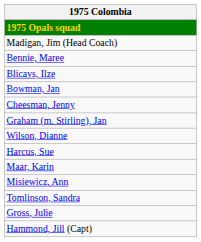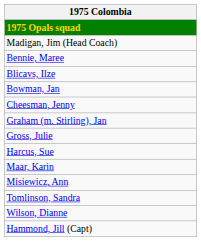 <table class="wikitable collapsible autocollapse" width=25%>
 <tr>
 <th>1975 Colombia</th>
 </tr>
 <tr>
 <td bgcolor=green style="color:gold; width:200px"><strong>1975 Opals squad</strong></td>
 </tr>
 <tr>
 <td>Madigan, Jim  (Head Coach)</td>
 </tr>
 <tr>
 <td><a href='#'>Bennie, Maree</a></td>
 </tr>
 <tr>
 <td><a href='#'>Blicavs, Ilze</a></td>
 </tr>
 <tr>
 <td><a href='#'>Bowman, Jan</a></td>
 </tr>
 <tr>
 <td><a href='#'>Cheesman, Jenny</a></td>
 </tr>
 <tr>
 <td><a href='#'>Graham (m. Stirling), Jan</a></td>
 </tr>
 <tr>
-<td><a href='#'>Wilson, Dianne</a></td>
+<td><a href='#'>Gross, Julie</a></td>
 </tr>
 <tr>
 <td><a href='#'>Harcus, Sue</a></td>
 </tr>
 <tr>
 <td><a href='#'>Maar, Karin</a></td>
 </tr>
 <tr>
 <td><a href='#'>Misiewicz, Ann</a></td>
 </tr>
 <tr>
 <td><a href='#'>Tomlinson, Sandra</a></td>
 </tr>
 <tr>
-<td><a href='#'>Gross, Julie</a></td>
+<td><a href='#'>Wilson, Dianne</a></td>
 </tr>
 <tr>
 <td><a href='#'>Hammond, Jill</a> (Capt)</td>
 </tr>
 </table>
